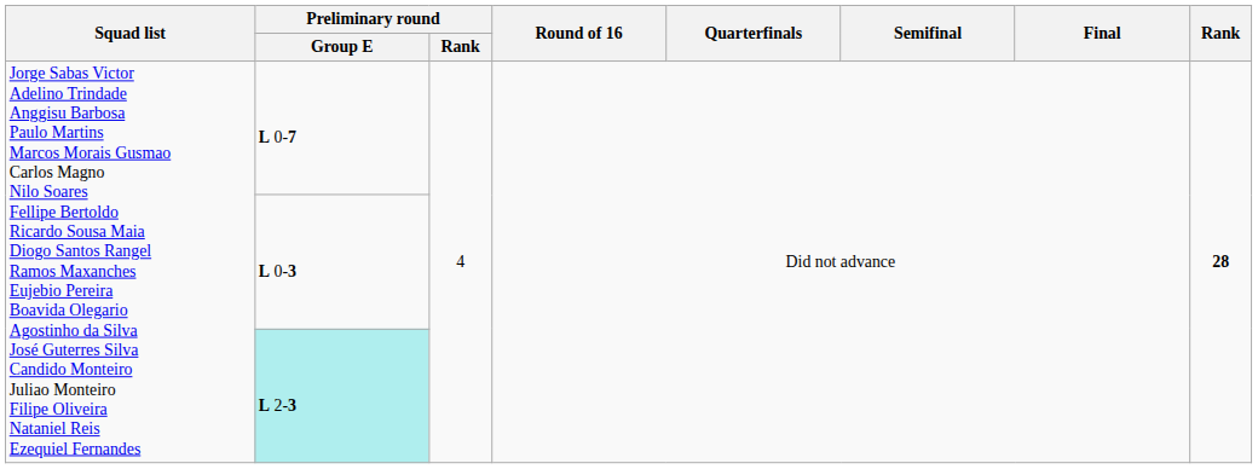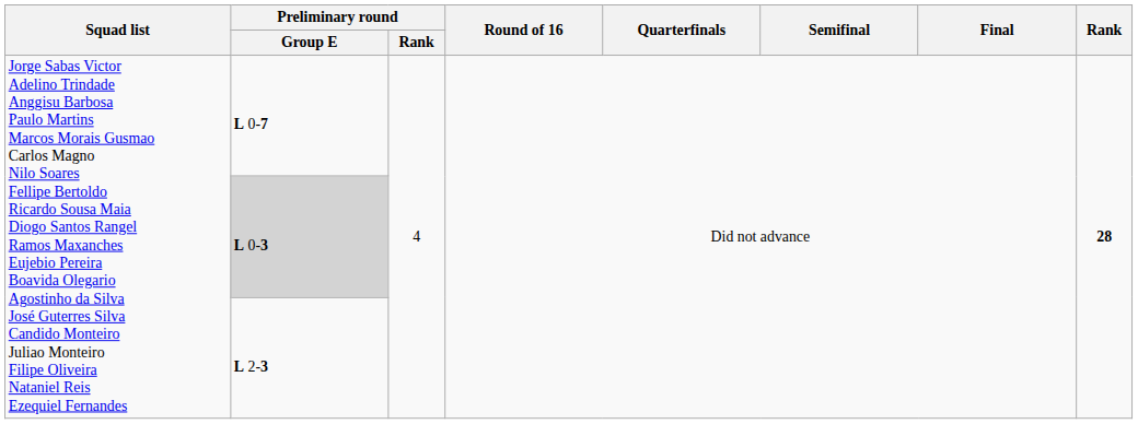 <table class="wikitable" width="85%" style="text-align:left; font-size:90%">
 <tr>
 <th rowspan="2" width="20%">Squad list</th>
 <th colspan="2">Preliminary round</th>
 <th rowspan="2" width="14%">Round of 16</th>
 <th rowspan="2" width="14%">Quarterfinals</th>
 <th rowspan="2" width="14%">Semifinal</th>
 <th rowspan="2" width="14%">Final</th>
 <th rowspan="2" width="5%">Rank</th>
 </tr>
 <tr>
 <th width="14%">Group E</th>
 <th width="5%">Rank</th>
 </tr>
 <tr>
 <td rowspan=3><a href='#'>Jorge Sabas Victor</a><br><a href='#'>Adelino Trindade</a><br><a href='#'>Anggisu Barbosa</a><br><a href='#'>Paulo Martins</a><br><a href='#'>Marcos Morais Gusmao</a><br>Carlos Magno<br><a href='#'>Nilo Soares</a><br><a href='#'>Fellipe Bertoldo</a><br><a href='#'>Ricardo Sousa Maia</a><br><a href='#'>Diogo Santos Rangel</a><br><a href='#'>Ramos Maxanches</a><br><a href='#'>Eujebio Pereira</a><br><a href='#'>Boavida Olegario</a><br><a href='#'>Agostinho da Silva</a><br><a href='#'>José Guterres Silva</a><br><a href='#'>Candido Monteiro</a><br>Juliao Monteiro<br><a href='#'>Filipe Oliveira</a><br><a href='#'>Nataniel Reis</a><br><a href='#'>Ezequiel Fernandes</a></td>
 <td><br><strong>L</strong> 0-<strong>7</strong></td>
 <td rowspan=3 align=center>4</td>
 <td rowspan=3 colspan=4 align=center>Did not advance</td>
 <td rowspan=3 align=center><strong>28</strong></td>
 </tr>
 <tr>
-<td><br><strong>L</strong>  0-<strong>3</strong></td>
+<td style="background: lightgrey;"><br><strong>L</strong>  0-<strong>3</strong></td>
 </tr>
 <tr>
-<td style="background: paleturquoise;"><br><strong>L</strong>  2-<strong>3</strong></td>
+<td><br><strong>L</strong>  2-<strong>3</strong></td>
 </tr>
 </table>
